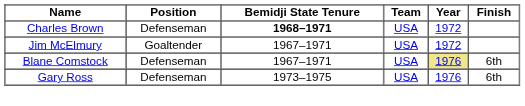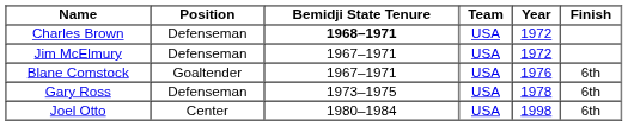 <table cellpadding="1" border="1" cellspacing="0" width="80%">
 <tr>
 <th>Name</th>
 <th>Position</th>
 <th>Bemidji State Tenure</th>
 <th>Team</th>
 <th>Year</th>
 <th>Finish</th>
 </tr>
 <tr align="center">
 <td><a href='#'>Charles Brown</a></td>
 <td>Defenseman</td>
 <td><strong>1968–1971</strong></td>
 <td> <a href='#'>USA</a></td>
 <td><a href='#'>1972</a></td>
 <td></td>
 </tr>
 <tr align="center">
 <td><a href='#'>Jim McElmury</a></td>
-<td>Goaltender</td>
+<td>Defenseman</td>
 <td>1967–1971</td>
 <td> <a href='#'>USA</a></td>
 <td><a href='#'>1972</a></td>
 <td></td>
 </tr>
 <tr align="center">
 <td><a href='#'>Blane Comstock</a></td>
-<td>Defenseman</td>
+<td>Goaltender</td>
 <td>1967–1971</td>
 <td> <a href='#'>USA</a></td>
-<td style="background: khaki;"><a href='#'>1976</a></td>
+<td><a href='#'>1976</a></td>
 <td>6th</td>
 </tr>
 <tr align="center">
 <td><a href='#'>Gary Ross</a></td>
 <td>Defenseman</td>
 <td>1973–1975</td>
 <td> <a href='#'>USA</a></td>
-<td><a href='#'>1976</a></td>
+<td><a href='#'>1978</a></td>
+<td>6th</td>
+</tr>
+<tr align="center">
+<td><a href='#'>Joel Otto</a></td>
+<td>Center</td>
+<td>1980–1984</td>
+<td> <a href='#'>USA</a></td>
+<td><a href='#'>1998</a></td>
 <td>6th</td>
 </tr>
 <tr align="center">
 </tr>
 </table>
